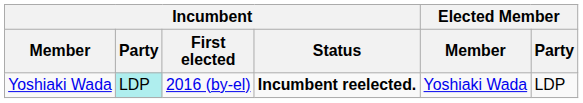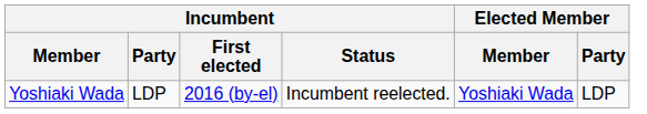 <table class="wikitable sortable">
 <tr>
 <th colspan=4>Incumbent</th>
 <th colspan=2>Elected Member</th>
 </tr>
 <tr>
 <th>Member</th>
 <th>Party</th>
 <th>First<br>elected</th>
 <th>Status</th>
 <th>Member</th>
 <th>Party</th>
 </tr>
 <tr>
 <td><a href='#'>Yoshiaki Wada</a></td>
-<td style="background: paleturquoise;">LDP</td>
+<td>LDP</td>
 <td><a href='#'>2016 (by-el)</a></td>
-<td><strong>Incumbent reelected.</strong></td>
+<td>Incumbent reelected.</td>
 <td><a href='#'>Yoshiaki Wada</a></td>
 <td>LDP</td>
 </tr>
 </table>
